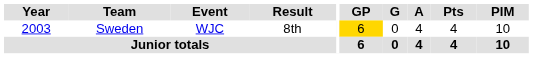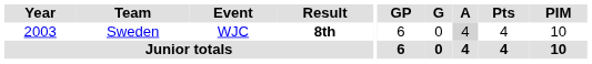 <table border="0" cellpadding="1" cellspacing="0" ID="Table3" style="text-align:center; width:40em">
 <tr ALIGN="center" bgcolor="#e0e0e0">
 <th>Year</th>
 <th>Team</th>
 <th>Event</th>
 <th>Result</th>
 <th rowspan="99" bgcolor="#ffffff"></th>
 <th>GP</th>
 <th>G</th>
 <th>A</th>
 <th>Pts</th>
 <th>PIM</th>
 </tr>
 <tr>
 <td><a href='#'>2003</a></td>
 <td><a href='#'>Sweden</a></td>
 <td><a href='#'>WJC</a></td>
-<td>8th</td>
-<td style="background: gold;">6</td>
+<td><strong>8th</strong></td>
+<td>6</td>
 <td>0</td>
-<td>4</td>
+<td style="background: lightgrey;">4</td>
 <td>4</td>
 <td>10</td>
 </tr>
 <tr bgcolor="#e0e0e0">
 <th colspan="4">Junior totals</th>
 <th>6</th>
 <th>0</th>
 <th>4</th>
 <th>4</th>
 <th>10</th>
 </tr>
 </table>
